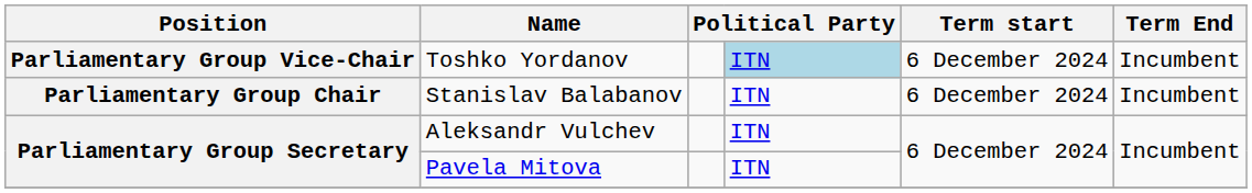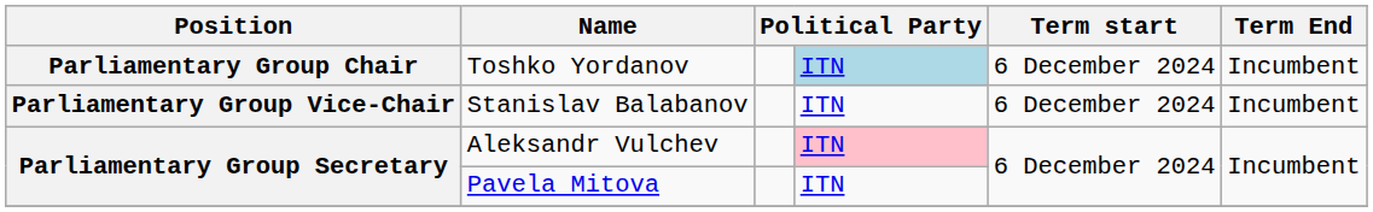 <table class="wikitable plainrowheaders">
 <tr>
 <th>Position</th>
 <th>Name</th>
 <th colspan="2">Political Party</th>
 <th>Term start</th>
 <th>Term End</th>
 </tr>
 <tr>
-<th>Parliamentary Group Vice-Chair</th>
+<th>Parliamentary Group Chair</th>
 <td>Toshko Yordanov</td>
 <td style="background:"></td>
 <td style="background: lightblue;"><a href='#'>ITN</a></td>
 <td>6 December 2024</td>
 <td>Incumbent</td>
 </tr>
 <tr>
-<th>Parliamentary Group Chair</th>
+<th>Parliamentary Group Vice-Chair</th>
 <td>Stanislav Balabanov</td>
 <td style="background:"></td>
 <td><a href='#'>ITN</a></td>
 <td>6 December 2024</td>
 <td>Incumbent</td>
 </tr>
 <tr>
 <th rowspan ="2">Parliamentary Group Secretary</th>
 <td>Aleksandr Vulchev</td>
 <td style="background:"></td>
-<td><a href='#'>ITN</a></td>
+<td style="background: pink;"><a href='#'>ITN</a></td>
 <td rowspan ="2">6 December 2024</td>
 <td rowspan ="2">Incumbent</td>
 </tr>
 <tr>
 <td><a href='#'>Pavela Mitova</a></td>
 <td style="background:"></td>
 <td><a href='#'>ITN</a></td>
 </tr>
 <tr>
 </tr>
 </table>
